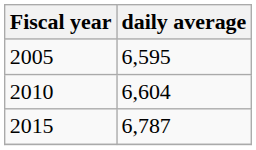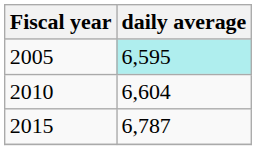 <table class="wikitable">
 <tr>
 <th>Fiscal year</th>
 <th>daily average</th>
 </tr>
 <tr>
 <td>2005</td>
-<td>6,595</td>
+<td style="background: paleturquoise;">6,595</td>
 </tr>
 <tr>
 <td>2010</td>
 <td>6,604</td>
 </tr>
 <tr>
 <td>2015</td>
 <td>6,787</td>
 </tr>
 <tr>
 </tr>
 </table>
